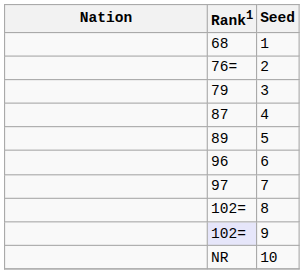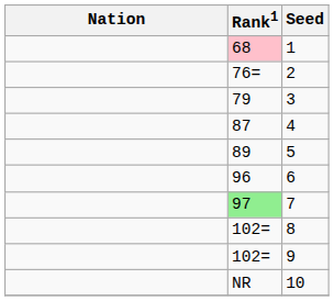 <table class="wikitable">
 <tr>
 <th width="175">Nation</th>
 <th>Rank<sup>1</sup></th>
 <th>Seed</th>
 </tr>
 <tr>
 <td></td>
-<td>68</td>
+<td style="background: pink;">68</td>
 <td>1</td>
 </tr>
 <tr>
 <td></td>
 <td>76=</td>
 <td>2</td>
 </tr>
 <tr>
 <td></td>
 <td>79</td>
 <td>3</td>
 </tr>
 <tr>
 <td></td>
 <td>87</td>
 <td>4</td>
 </tr>
 <tr>
 <td></td>
 <td>89</td>
 <td>5</td>
 </tr>
 <tr>
 <td></td>
 <td>96</td>
 <td>6</td>
 </tr>
 <tr>
 <td></td>
-<td>97</td>
+<td style="background: lightgreen;">97</td>
 <td>7</td>
 </tr>
 <tr>
 <td></td>
 <td>102=</td>
 <td>8</td>
 </tr>
 <tr>
 <td></td>
-<td style="background: lavender;">102=</td>
+<td>102=</td>
 <td>9</td>
 </tr>
 <tr>
 <td></td>
 <td>NR</td>
 <td>10</td>
 </tr>
 <tr>
 </tr>
 </table>
